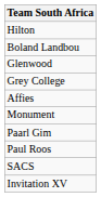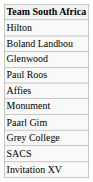 <table class="wikitable">
 <tr>
 <th>Team South Africa </th>
 </tr>
 <tr>
 <td>Hilton</td>
 </tr>
 <tr>
 <td>Boland Landbou</td>
 </tr>
 <tr>
 <td>Glenwood</td>
 </tr>
 <tr>
-<td>Grey College</td>
+<td>Paul Roos</td>
 </tr>
 <tr>
 <td>Affies</td>
 </tr>
 <tr>
 <td>Monument</td>
 </tr>
 <tr>
 <td>Paarl Gim</td>
 </tr>
 <tr>
-<td>Paul Roos</td>
+<td>Grey College</td>
 </tr>
 <tr>
 <td>SACS</td>
 </tr>
 <tr>
 <td>Invitation XV</td>
 </tr>
 </table>
